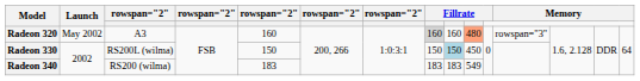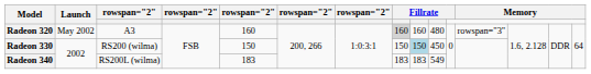 <table class="mw-datatable wikitable sortable" style="font-size:85%; text-align:center;">
 <tr>
 <th rowspan="2">Model</th>
 <th rowspan="2">Launch</th>
 <th>rowspan="2" </th>
 <th>rowspan="2" </th>
 <th>rowspan="2" </th>
 <th>rowspan="2" </th>
 <th>rowspan="2" </th>
 <th colspan="4"><a href='#'>Fillrate</a></th>
 <th colspan="4">Memory</th>
 </tr>
 <tr>
 <th></th>
 <th></th>
 <th></th>
 <th></th>
 <th></th>
 <th></th>
 <th></th>
 <th></th>
 </tr>
 <tr>
 <th>Radeon 320</th>
 <td>May 2002</td>
 <td>A3</td>
 <td rowspan="3">FSB</td>
 <td>160</td>
 <td rowspan="3">200, 266</td>
 <td rowspan="3">1:0:3:1</td>
 <td style="background: lightgrey;">160</td>
 <td>160</td>
-<td style="background: lightsalmon;">480</td>
+<td>480</td>
 <td rowspan="3">0</td>
 <td>rowspan="3" </td>
 <td rowspan="3">1.6, 2.128</td>
 <td rowspan="3">DDR</td>
 <td rowspan="3">64</td>
 </tr>
 <tr>
 <th>Radeon 330</th>
 <td rowspan="2">2002</td>
-<td>RS200L (wilma)</td>
+<td>RS200 (wilma)</td>
 <td>150</td>
 <td>150</td>
 <td style="background: lightblue;">150</td>
 <td>450</td>
 </tr>
 <tr>
 <th>Radeon 340</th>
-<td>RS200 (wilma)</td>
+<td>RS200L (wilma)</td>
 <td>183</td>
 <td>183</td>
 <td>183</td>
 <td>549</td>
 </tr>
 </table>
